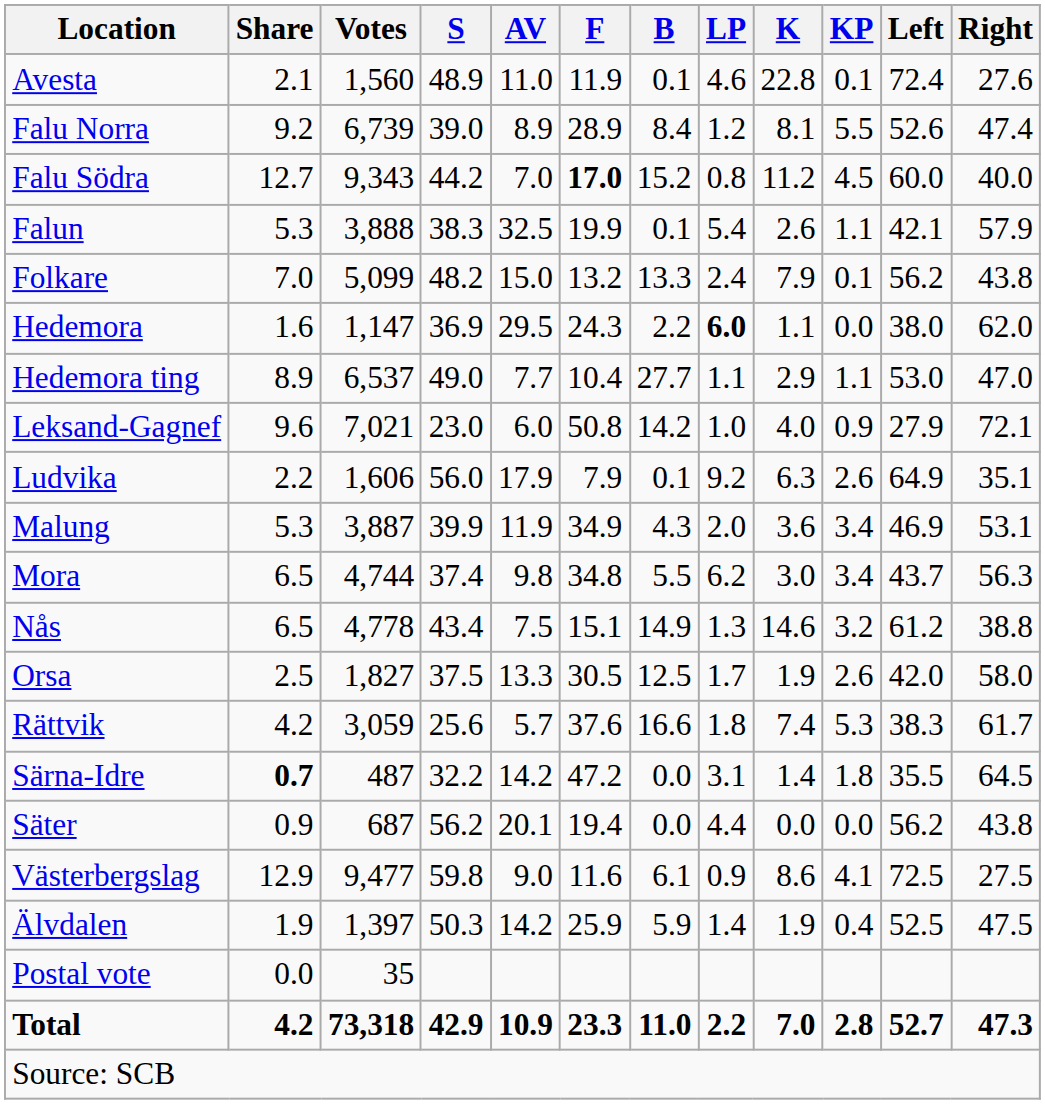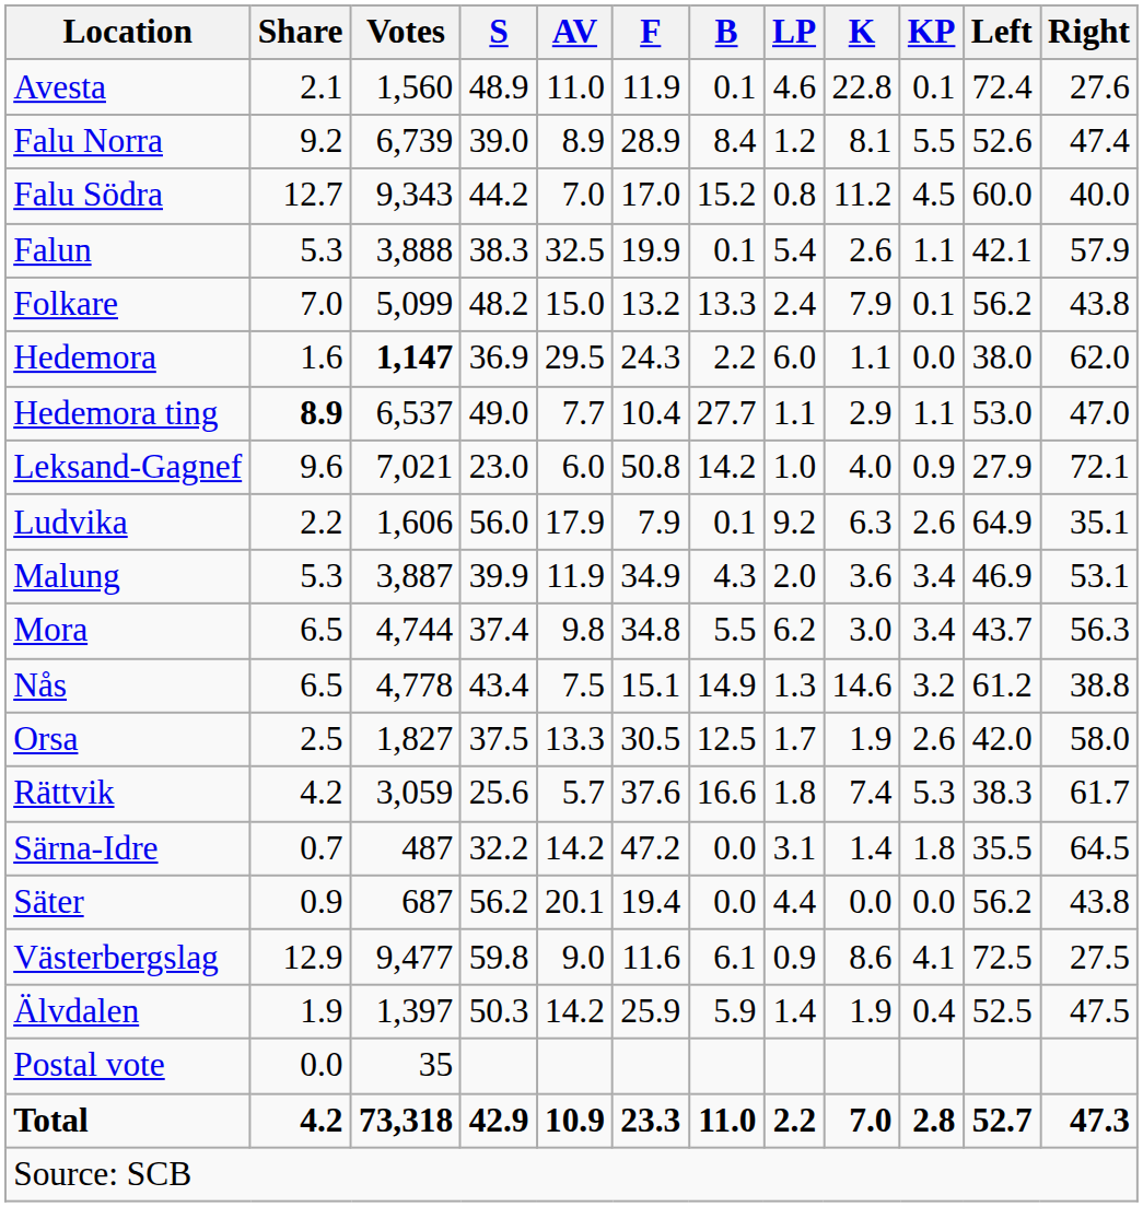 <table class="wikitable sortable" style=text-align:right>
 <tr>
 <th>Location</th>
 <th>Share</th>
 <th>Votes</th>
 <th><a href='#'>S</a></th>
 <th><a href='#'>AV</a></th>
 <th><a href='#'>F</a></th>
 <th><a href='#'>B</a></th>
 <th><a href='#'>LP</a></th>
 <th><a href='#'>K</a></th>
 <th><a href='#'>KP</a></th>
 <th>Left</th>
 <th>Right</th>
 </tr>
 <tr>
 <td align=left><a href='#'>Avesta</a></td>
 <td>2.1</td>
 <td>1,560</td>
 <td>48.9</td>
 <td>11.0</td>
 <td>11.9</td>
 <td>0.1</td>
 <td>4.6</td>
 <td>22.8</td>
 <td>0.1</td>
 <td>72.4</td>
 <td>27.6</td>
 </tr>
 <tr>
 <td align=left><a href='#'>Falu Norra</a></td>
 <td>9.2</td>
 <td>6,739</td>
 <td>39.0</td>
 <td>8.9</td>
 <td>28.9</td>
 <td>8.4</td>
 <td>1.2</td>
 <td>8.1</td>
 <td>5.5</td>
 <td>52.6</td>
 <td>47.4</td>
 </tr>
 <tr>
 <td align=left><a href='#'>Falu Södra</a></td>
 <td>12.7</td>
 <td>9,343</td>
 <td>44.2</td>
 <td>7.0</td>
-<td><strong>17.0</strong></td>
+<td>17.0</td>
 <td>15.2</td>
 <td>0.8</td>
 <td>11.2</td>
 <td>4.5</td>
 <td>60.0</td>
 <td>40.0</td>
 </tr>
 <tr>
 <td align=left><a href='#'>Falun</a></td>
 <td>5.3</td>
 <td>3,888</td>
 <td>38.3</td>
 <td>32.5</td>
 <td>19.9</td>
 <td>0.1</td>
 <td>5.4</td>
 <td>2.6</td>
 <td>1.1</td>
 <td>42.1</td>
 <td>57.9</td>
 </tr>
 <tr>
 <td align=left><a href='#'>Folkare</a></td>
 <td>7.0</td>
 <td>5,099</td>
 <td>48.2</td>
 <td>15.0</td>
 <td>13.2</td>
 <td>13.3</td>
 <td>2.4</td>
 <td>7.9</td>
 <td>0.1</td>
 <td>56.2</td>
 <td>43.8</td>
 </tr>
 <tr>
 <td align=left><a href='#'>Hedemora</a></td>
 <td>1.6</td>
-<td>1,147</td>
+<td><strong>1,147</strong></td>
 <td>36.9</td>
 <td>29.5</td>
 <td>24.3</td>
 <td>2.2</td>
-<td><strong>6.0</strong></td>
+<td>6.0</td>
 <td>1.1</td>
 <td>0.0</td>
 <td>38.0</td>
 <td>62.0</td>
 </tr>
 <tr>
 <td align=left><a href='#'>Hedemora ting</a></td>
-<td>8.9</td>
+<td><strong>8.9</strong></td>
 <td>6,537</td>
 <td>49.0</td>
 <td>7.7</td>
 <td>10.4</td>
 <td>27.7</td>
 <td>1.1</td>
 <td>2.9</td>
 <td>1.1</td>
 <td>53.0</td>
 <td>47.0</td>
 </tr>
 <tr>
 <td align=left><a href='#'>Leksand-Gagnef</a></td>
 <td>9.6</td>
 <td>7,021</td>
 <td>23.0</td>
 <td>6.0</td>
 <td>50.8</td>
 <td>14.2</td>
 <td>1.0</td>
 <td>4.0</td>
 <td>0.9</td>
 <td>27.9</td>
 <td>72.1</td>
 </tr>
 <tr>
 <td align=left><a href='#'>Ludvika</a></td>
 <td>2.2</td>
 <td>1,606</td>
 <td>56.0</td>
 <td>17.9</td>
 <td>7.9</td>
 <td>0.1</td>
 <td>9.2</td>
 <td>6.3</td>
 <td>2.6</td>
 <td>64.9</td>
 <td>35.1</td>
 </tr>
 <tr>
 <td align=left><a href='#'>Malung</a></td>
 <td>5.3</td>
 <td>3,887</td>
 <td>39.9</td>
 <td>11.9</td>
 <td>34.9</td>
 <td>4.3</td>
 <td>2.0</td>
 <td>3.6</td>
 <td>3.4</td>
 <td>46.9</td>
 <td>53.1</td>
 </tr>
 <tr>
 <td align=left><a href='#'>Mora</a></td>
 <td>6.5</td>
 <td>4,744</td>
 <td>37.4</td>
 <td>9.8</td>
 <td>34.8</td>
 <td>5.5</td>
 <td>6.2</td>
 <td>3.0</td>
 <td>3.4</td>
 <td>43.7</td>
 <td>56.3</td>
 </tr>
 <tr>
 <td align=left><a href='#'>Nås</a></td>
 <td>6.5</td>
 <td>4,778</td>
 <td>43.4</td>
 <td>7.5</td>
 <td>15.1</td>
 <td>14.9</td>
 <td>1.3</td>
 <td>14.6</td>
 <td>3.2</td>
 <td>61.2</td>
 <td>38.8</td>
 </tr>
 <tr>
 <td align=left><a href='#'>Orsa</a></td>
 <td>2.5</td>
 <td>1,827</td>
 <td>37.5</td>
 <td>13.3</td>
 <td>30.5</td>
 <td>12.5</td>
 <td>1.7</td>
 <td>1.9</td>
 <td>2.6</td>
 <td>42.0</td>
 <td>58.0</td>
 </tr>
 <tr>
 <td align=left><a href='#'>Rättvik</a></td>
 <td>4.2</td>
 <td>3,059</td>
 <td>25.6</td>
 <td>5.7</td>
 <td>37.6</td>
 <td>16.6</td>
 <td>1.8</td>
 <td>7.4</td>
 <td>5.3</td>
 <td>38.3</td>
 <td>61.7</td>
 </tr>
 <tr>
 <td align=left><a href='#'>Särna-Idre</a></td>
-<td><strong>0.7</strong></td>
+<td>0.7</td>
 <td>487</td>
 <td>32.2</td>
 <td>14.2</td>
 <td>47.2</td>
 <td>0.0</td>
 <td>3.1</td>
 <td>1.4</td>
 <td>1.8</td>
 <td>35.5</td>
 <td>64.5</td>
 </tr>
 <tr>
 <td align=left><a href='#'>Säter</a></td>
 <td>0.9</td>
 <td>687</td>
 <td>56.2</td>
 <td>20.1</td>
 <td>19.4</td>
 <td>0.0</td>
 <td>4.4</td>
 <td>0.0</td>
 <td>0.0</td>
 <td>56.2</td>
 <td>43.8</td>
 </tr>
 <tr>
 <td align=left><a href='#'>Västerbergslag</a></td>
 <td>12.9</td>
 <td>9,477</td>
 <td>59.8</td>
 <td>9.0</td>
 <td>11.6</td>
 <td>6.1</td>
 <td>0.9</td>
 <td>8.6</td>
 <td>4.1</td>
 <td>72.5</td>
 <td>27.5</td>
 </tr>
 <tr>
 <td align=left><a href='#'>Älvdalen</a></td>
 <td>1.9</td>
 <td>1,397</td>
 <td>50.3</td>
 <td>14.2</td>
 <td>25.9</td>
 <td>5.9</td>
 <td>1.4</td>
 <td>1.9</td>
 <td>0.4</td>
 <td>52.5</td>
 <td>47.5</td>
 </tr>
 <tr>
 <td align=left><a href='#'>Postal vote</a></td>
 <td>0.0</td>
 <td>35</td>
 <td></td>
 <td></td>
 <td></td>
 <td></td>
 <td></td>
 <td></td>
 <td></td>
 <td></td>
 <td></td>
 </tr>
 <tr>
 <td align=left><strong>Total</strong></td>
 <td><strong>4.2</strong></td>
 <td><strong>73,318</strong></td>
 <td><strong>42.9</strong></td>
 <td><strong>10.9</strong></td>
 <td><strong>23.3</strong></td>
 <td><strong>11.0</strong></td>
 <td><strong>2.2</strong></td>
 <td><strong>7.0</strong></td>
 <td><strong>2.8</strong></td>
 <td><strong>52.7</strong></td>
 <td><strong>47.3</strong></td>
 </tr>
 <tr>
 <td align=left colspan=12>Source: SCB </td>
 </tr>
 </table>
